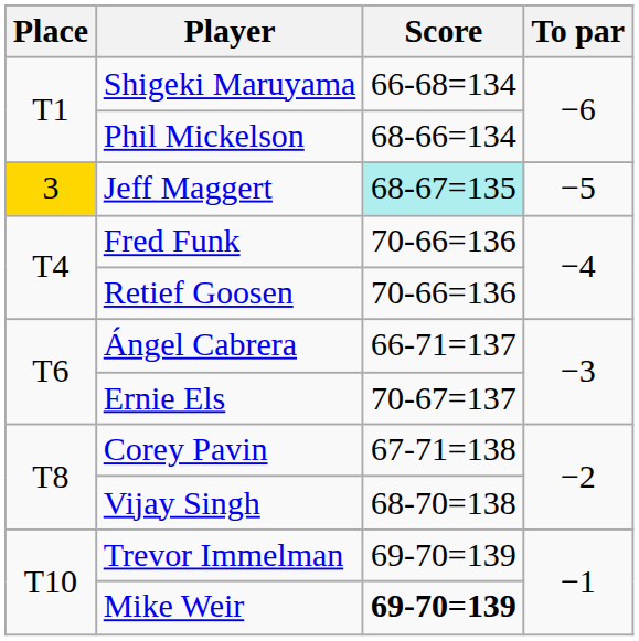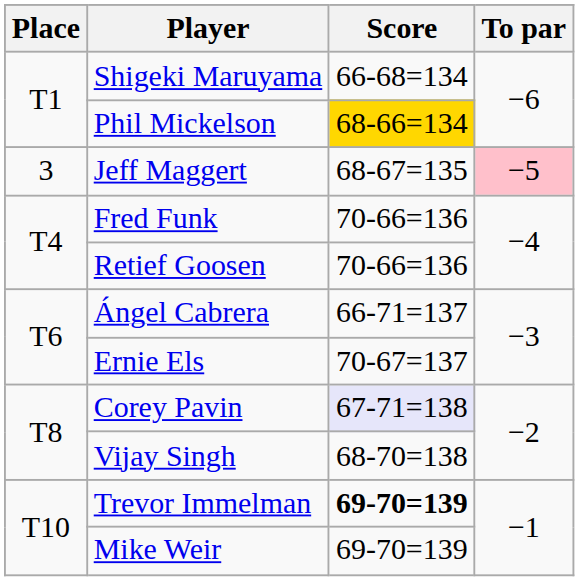 <table class="wikitable">
 <tr>
 <th>Place</th>
 <th>Player</th>
 <th>Score</th>
 <th>To par</th>
 </tr>
 <tr>
 <td rowspan="2" align=center>T1</td>
 <td> <a href='#'>Shigeki Maruyama</a></td>
 <td>66-68=134</td>
 <td rowspan="2" align=center>−6</td>
 </tr>
 <tr>
 <td> <a href='#'>Phil Mickelson</a></td>
-<td>68-66=134</td>
+<td style="background: gold;">68-66=134</td>
 </tr>
 <tr>
-<td align=center style="background: gold;">3</td>
+<td align=center>3</td>
 <td> <a href='#'>Jeff Maggert</a></td>
-<td style="background: paleturquoise;">68-67=135</td>
-<td align=center>−5</td>
+<td>68-67=135</td>
+<td align=center style="background: pink;">−5</td>
 </tr>
 <tr>
 <td rowspan="2" align=center>T4</td>
 <td> <a href='#'>Fred Funk</a></td>
 <td>70-66=136</td>
 <td rowspan="2" align=center>−4</td>
 </tr>
 <tr>
 <td> <a href='#'>Retief Goosen</a></td>
 <td>70-66=136</td>
 </tr>
 <tr>
 <td rowspan="2" align=center>T6</td>
 <td> <a href='#'>Ángel Cabrera</a></td>
 <td>66-71=137</td>
 <td rowspan="2" align=center>−3</td>
 </tr>
 <tr>
 <td> <a href='#'>Ernie Els</a></td>
 <td>70-67=137</td>
 </tr>
 <tr>
 <td rowspan="2" align=center>T8</td>
 <td> <a href='#'>Corey Pavin</a></td>
-<td>67-71=138</td>
+<td style="background: lavender;">67-71=138</td>
 <td rowspan="2" align=center>−2</td>
 </tr>
 <tr>
 <td> <a href='#'>Vijay Singh</a></td>
 <td>68-70=138</td>
 </tr>
 <tr>
 <td rowspan="2" align=center>T10</td>
 <td> <a href='#'>Trevor Immelman</a></td>
-<td>69-70=139</td>
+<td><strong>69-70=139</strong></td>
 <td rowspan="2" align=center>−1</td>
 </tr>
 <tr>
 <td> <a href='#'>Mike Weir</a></td>
-<td><strong>69-70=139</strong></td>
+<td>69-70=139</td>
 </tr>
 </table>
